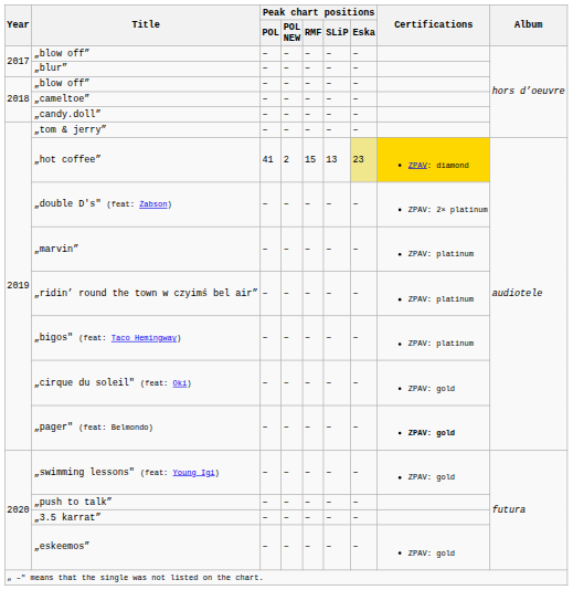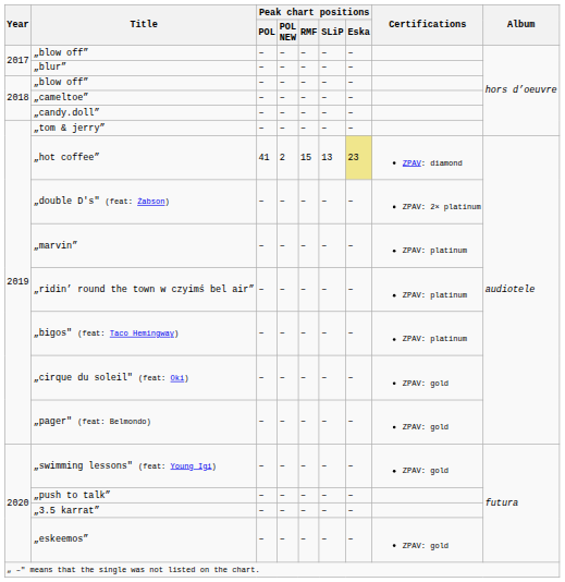 <table class="wikitable">
 <tr>
 <th rowspan="2">Year</th>
 <th rowspan="2"><strong>Title</strong></th>
 <th colspan="5"><strong>Peak chart positions</strong></th>
 <th rowspan="2">Certifications</th>
 <th rowspan="2">Album</th>
 </tr>
 <tr>
 <th>POL<br></th>
 <th>POL<br>NEW </th>
 <th>RMF<br></th>
 <th>SLiP<br></th>
 <th>Eska<br></th>
 </tr>
 <tr>
 <td rowspan="2">2017</td>
 <td>„blow off”</td>
 <td>–</td>
 <td>–</td>
 <td>–</td>
 <td>–</td>
 <td>–</td>
 <td></td>
 <td rowspan="6"><em>hors d’oeuvre</em></td>
 </tr>
 <tr>
 <td>„blur”</td>
 <td>–</td>
 <td>–</td>
 <td>–</td>
 <td>–</td>
 <td>–</td>
 <td></td>
 </tr>
 <tr>
 <td rowspan="3">2018</td>
 <td>„blow off”</td>
 <td>–</td>
 <td>–</td>
 <td>–</td>
 <td>–</td>
 <td>–</td>
 <td></td>
 </tr>
 <tr>
 <td>„cameltoe”</td>
 <td>–</td>
 <td>–</td>
 <td>–</td>
 <td>–</td>
 <td>–</td>
 <td></td>
 </tr>
 <tr>
 <td>„candy.doll”</td>
 <td>–</td>
 <td>–</td>
 <td>–</td>
 <td>–</td>
 <td>–</td>
 <td></td>
 </tr>
 <tr>
 <td rowspan="8">2019</td>
 <td>„tom & jerry”</td>
 <td>–</td>
 <td>–</td>
 <td>–</td>
 <td>–</td>
 <td>–</td>
 <td></td>
 </tr>
 <tr>
 <td>„hot coffee”</td>
 <td>41</td>
 <td>2</td>
 <td>15</td>
 <td>13</td>
 <td style="background: khaki;">23</td>
-<td style="background: gold;"><br><ul><li><small><a href='#'>ZPAV</a>: diamond</small></li></ul></td>
+<td><br><ul><li><small><a href='#'>ZPAV</a>: diamond</small></li></ul></td>
 <td rowspan="7"><em>audiotele</em></td>
 </tr>
 <tr>
 <td>„double D's" <small>(feat: <a href='#'>Żabson</a>)</small></td>
 <td>–</td>
 <td>–</td>
 <td>–</td>
 <td>–</td>
 <td>–</td>
 <td><br><ul><li><small>ZPAV: 2× platinum</small></li></ul></td>
 </tr>
 <tr>
 <td>„marvin”</td>
 <td>–</td>
 <td>–</td>
 <td>–</td>
 <td>–</td>
 <td>–</td>
 <td><br><ul><li><small>ZPAV: platinum</small></li></ul></td>
 </tr>
 <tr>
 <td>„ridin’ round the town w czyimś bel air”</td>
 <td>–</td>
 <td>–</td>
 <td>–</td>
 <td>–</td>
 <td>–</td>
 <td><br><ul><li><small>ZPAV: platinum</small></li></ul></td>
 </tr>
 <tr>
 <td>„bigos" <small>(feat: <a href='#'>Taco Hemingway</a>)</small></td>
 <td>–</td>
 <td>–</td>
 <td>–</td>
 <td>–</td>
 <td>–</td>
 <td><br><ul><li><small>ZPAV: platinum</small></li></ul></td>
 </tr>
 <tr>
 <td>„cirque du soleil" <small>(feat: <a href='#'>Oki</a>)</small></td>
 <td>–</td>
 <td>–</td>
 <td>–</td>
 <td>–</td>
 <td>–</td>
 <td><br><ul><li><small>ZPAV: gold</small></li></ul></td>
 </tr>
 <tr>
 <td>„pager" <small>(feat: Belmondo)</small></td>
 <td>–</td>
 <td>–</td>
 <td>–</td>
 <td>–</td>
 <td>–</td>
-<td><strong><br><ul><li><small>ZPAV: gold</small></li></ul></strong></td>
+<td><br><ul><li><small>ZPAV: gold</small></li></ul></td>
 </tr>
 <tr>
 <td rowspan="4">2020</td>
 <td>„swimming lessons" <small>(feat: <a href='#'>Young Igi</a>)</small></td>
 <td>–</td>
 <td>–</td>
 <td>–</td>
 <td>–</td>
 <td>–</td>
 <td><br><ul><li><small>ZPAV: gold</small></li></ul></td>
 <td rowspan="4"><em>futura</em></td>
 </tr>
 <tr>
 <td>„push to talk”</td>
 <td>–</td>
 <td>–</td>
 <td>–</td>
 <td>–</td>
 <td>–</td>
 <td></td>
 </tr>
 <tr>
 <td>„3.5 karrat”</td>
 <td>–</td>
 <td>–</td>
 <td>–</td>
 <td>–</td>
 <td>–</td>
 <td></td>
 </tr>
 <tr>
 <td>„eskeemos”</td>
 <td>–</td>
 <td>–</td>
 <td>–</td>
 <td>–</td>
 <td>–</td>
 <td><br><ul><li><small>ZPAV: gold</small></li></ul></td>
 </tr>
 <tr>
 <td colspan="9"><small>„ –" means that the single was not listed on the chart.</small></td>
 </tr>
 </table>
